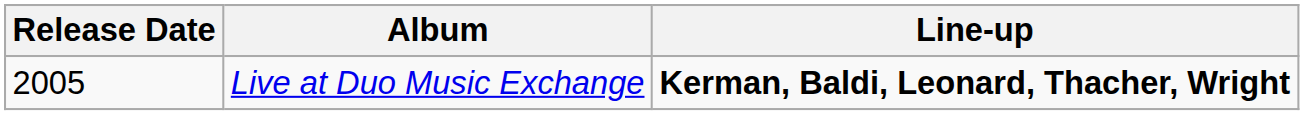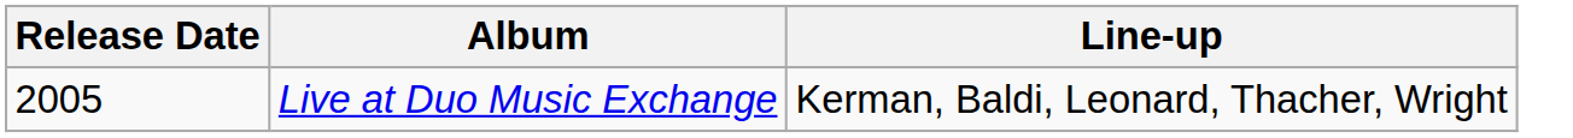 <table class="wikitable">
 <tr>
 <th>Release Date</th>
 <th>Album</th>
 <th>Line-up</th>
 </tr>
 <tr>
 <td rowspan="3">2005</td>
 <td><em><a href='#'>Live at Duo Music Exchange</a></em></td>
-<td><strong>Kerman, Baldi, Leonard, Thacher, Wright</strong></td>
+<td>Kerman, Baldi, Leonard, Thacher, Wright</td>
 </tr>
 </table>
